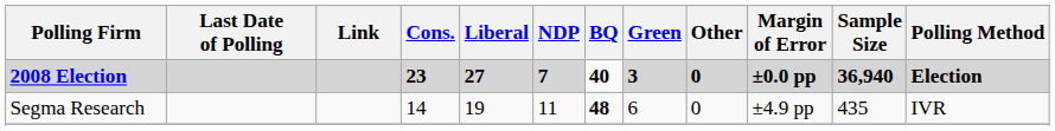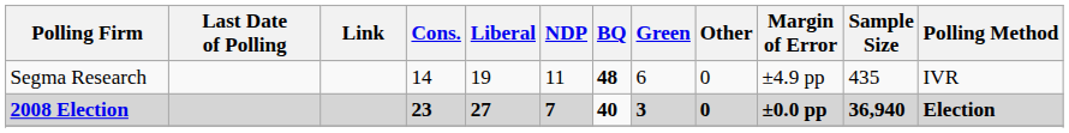 <table class="wikitable sortable">
 <tr style="background:#e9e9e9;">
 <th style="width:120px">Polling Firm</th>
 <th style="width:110px">Last Date<br>of Polling</th>
 <th style="width:60px" class="unsortable">Link</th>
 <th style="background-color:"><strong><a href='#'>Cons.</a></strong></th>
 <th style="background-color:"><strong><a href='#'>Liberal</a></strong></th>
 <th style="background-color:"><strong><a href='#'>NDP</a></strong></th>
 <th style="background-color:"><strong><a href='#'>BQ</a></strong></th>
 <th style="background-color:"><strong><a href='#'>Green</a></strong></th>
 <th style="background-color:"><strong>Other</strong></th>
 <th style="width:60px;" class=unsortable>Margin<br>of Error</th>
 <th style="width:50px;" class=unsortable>Sample<br>Size</th>
 <th class=unsortable>Polling Method</th>
 </tr>
 <tr>
+<td>Segma Research</td>
+<td></td>
+<td></td>
+<td>14</td>
+<td>19</td>
+<td>11</td>
+<td><strong>48</strong></td>
+<td>6</td>
+<td>0</td>
+<td>±4.9 pp</td>
+<td>435</td>
+<td>IVR</td>
+</tr>
+<tr>
 <td style="background:#D5D5D5"><strong><a href='#'>2008 Election</a></strong></td>
 <td style="background:#D5D5D5"><strong></strong></td>
 <td style="background:#D5D5D5"></td>
 <td style="background:#D5D5D5"><strong>23</strong></td>
 <td style="background:#D5D5D5"><strong>27</strong></td>
 <td style="background:#D5D5D5"><strong>7</strong></td>
 <td><strong>40</strong></td>
 <td style="background:#D5D5D5"><strong>3</strong></td>
 <td style="background:#D5D5D5"><strong>0</strong></td>
 <td style="background:#D5D5D5"><strong>±0.0 pp</strong></td>
 <td style="background:#D5D5D5"><strong>36,940</strong></td>
 <td style="background:#D5D5D5"><strong>Election</strong></td>
 </tr>
 <tr>
-<td>Segma Research</td>
-<td></td>
-<td></td>
-<td>14</td>
-<td>19</td>
-<td>11</td>
-<td><strong>48</strong></td>
-<td>6</td>
-<td>0</td>
-<td>±4.9 pp</td>
-<td>435</td>
-<td>IVR</td>
-</tr>
-<tr>
 </tr>
 <tr>
 </tr>
 </table>
